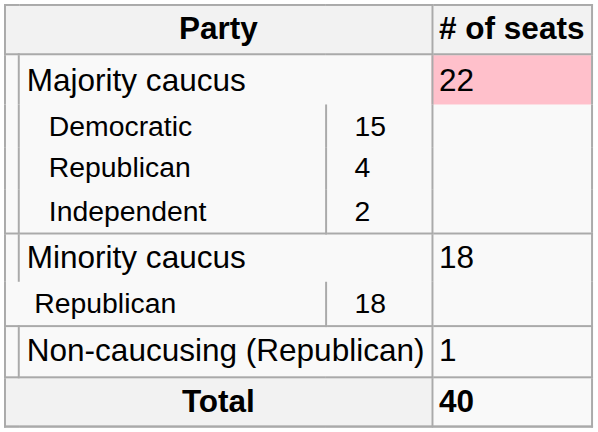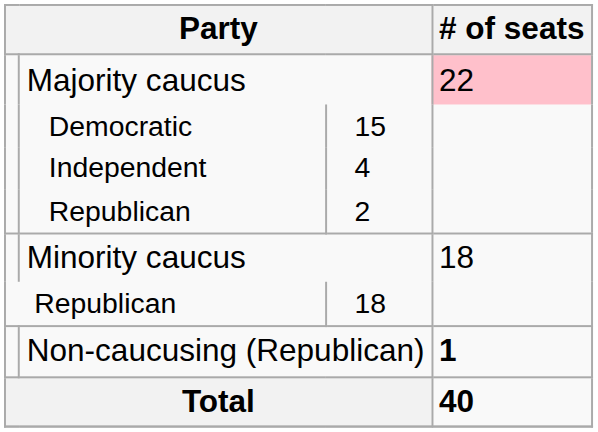 <table class="wikitable sortable">
 <tr>
 <th colspan="3" style="width:150px;">Party</th>
 <th># of seats</th>
 </tr>
 <tr>
 <td></td>
 <td colspan="2">Majority caucus</td>
 <td style="background: pink;">22</td>
 </tr>
 <tr style="border-top-style:hidden;border-bottom-style:hidden;">
 <td></td>
 <td style="font-size:90%;padding-left:1em;">Democratic</td>
 <td style="font-size:90%;padding-left:1em;">15</td>
 </tr>
 <tr style="border-top-style:hidden;border-bottom-style:hidden;">
 <td></td>
-<td style="font-size:90%;padding-left:1em;">Republican</td>
+<td style="font-size:90%;padding-left:1em;">Independent</td>
 <td style="font-size:90%;padding-left:1em;">4</td>
 </tr>
 <tr style="border-top-style:hidden;">
 <td></td>
-<td style="font-size:90%;padding-left:1em;">Independent</td>
+<td style="font-size:90%;padding-left:1em;">Republican</td>
 <td style="font-size:90%;padding-left:1em;">2</td>
 </tr>
 <tr>
 <td></td>
 <td colspan="2">Minority caucus</td>
 <td>18</td>
 </tr>
 <tr style="border-top-style:hidden;">
 <td colspan="2" style="font-size:90%;padding-left:1em;">Republican</td>
 <td style="font-size:90%;padding-left:1em;">18</td>
 </tr>
 <tr>
 <td></td>
 <td colspan="2">Non-caucusing (Republican)</td>
-<td>1</td>
+<td><strong>1</strong></td>
 </tr>
 <tr>
 <th colspan="3">Total</th>
 <td><strong>40</strong></td>
 </tr>
 <tr>
 </tr>
 </table>
